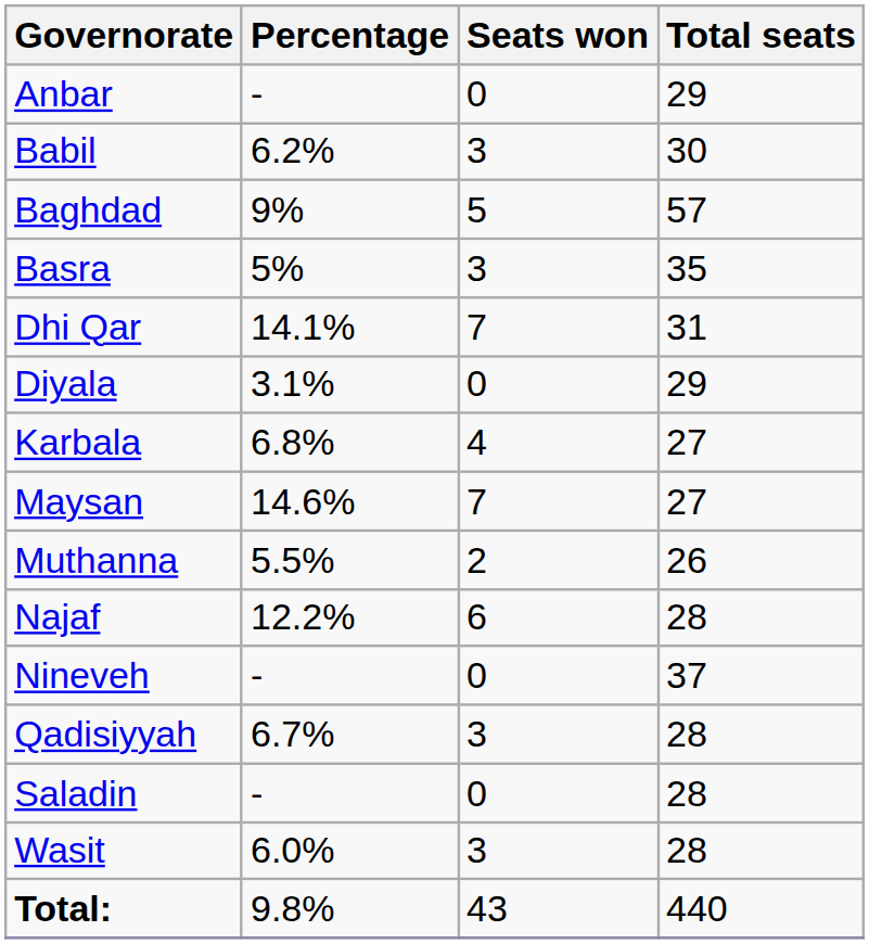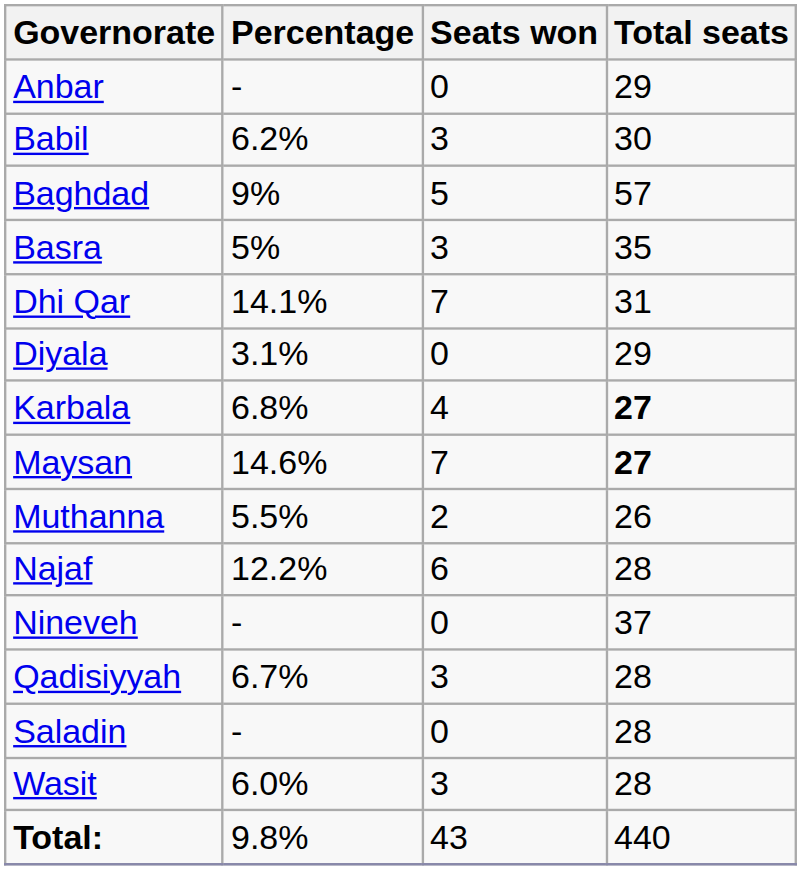 <table class=wikitable style="border:1px solid #8888aa; background-color:#f8f8f8; padding:0px; font-size:90%;">
 <tr>
 <th>Governorate</th>
 <th>Percentage</th>
 <th>Seats won</th>
 <th>Total seats</th>
 </tr>
 <tr>
 <td><a href='#'>Anbar</a></td>
 <td>-</td>
 <td>0</td>
 <td>29</td>
 </tr>
 <tr>
 <td><a href='#'>Babil</a></td>
 <td>6.2%</td>
 <td>3</td>
 <td>30</td>
 </tr>
 <tr>
 <td><a href='#'>Baghdad</a></td>
 <td>9%</td>
 <td>5</td>
 <td>57</td>
 </tr>
 <tr>
 <td><a href='#'>Basra</a></td>
 <td>5%</td>
 <td>3</td>
 <td>35</td>
 </tr>
 <tr>
 <td><a href='#'>Dhi Qar</a></td>
 <td>14.1%</td>
 <td>7</td>
 <td>31</td>
 </tr>
 <tr>
 <td><a href='#'>Diyala</a></td>
 <td>3.1%</td>
 <td>0</td>
 <td>29</td>
 </tr>
 <tr>
 <td><a href='#'>Karbala</a></td>
 <td>6.8%</td>
 <td>4</td>
-<td>27</td>
+<td><strong>27</strong></td>
 </tr>
 <tr>
 <td><a href='#'>Maysan</a></td>
 <td>14.6%</td>
 <td>7</td>
-<td>27</td>
+<td><strong>27</strong></td>
 </tr>
 <tr>
 <td><a href='#'>Muthanna</a></td>
 <td>5.5%</td>
 <td>2</td>
 <td>26</td>
 </tr>
 <tr>
 <td><a href='#'>Najaf</a></td>
 <td>12.2%</td>
 <td>6</td>
 <td>28</td>
 </tr>
 <tr>
 <td><a href='#'>Nineveh</a></td>
 <td>-</td>
 <td>0</td>
 <td>37</td>
 </tr>
 <tr>
 <td><a href='#'>Qadisiyyah</a></td>
 <td>6.7%</td>
 <td>3</td>
 <td>28</td>
 </tr>
 <tr>
 <td><a href='#'>Saladin</a></td>
 <td>-</td>
 <td>0</td>
 <td>28</td>
 </tr>
 <tr>
 <td><a href='#'>Wasit</a></td>
 <td>6.0%</td>
 <td>3</td>
 <td>28</td>
 </tr>
 <tr>
 <td><strong>Total:</strong></td>
 <td>9.8%</td>
 <td>43</td>
 <td>440</td>
 </tr>
 <tr>
 </tr>
 </table>
